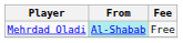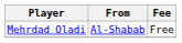 <table class="wikitable">
 <tr>
 <th>Player</th>
 <th>From</th>
 <th>Fee</th>
 </tr>
 <tr>
 <td> <a href='#'>Mehrdad Oladi</a></td>
-<td style="background: paleturquoise;"> <a href='#'>Al-Shabab</a></td>
+<td> <a href='#'>Al-Shabab</a></td>
 <td>Free</td>
 </tr>
 <tr>
 </tr>
 </table>
